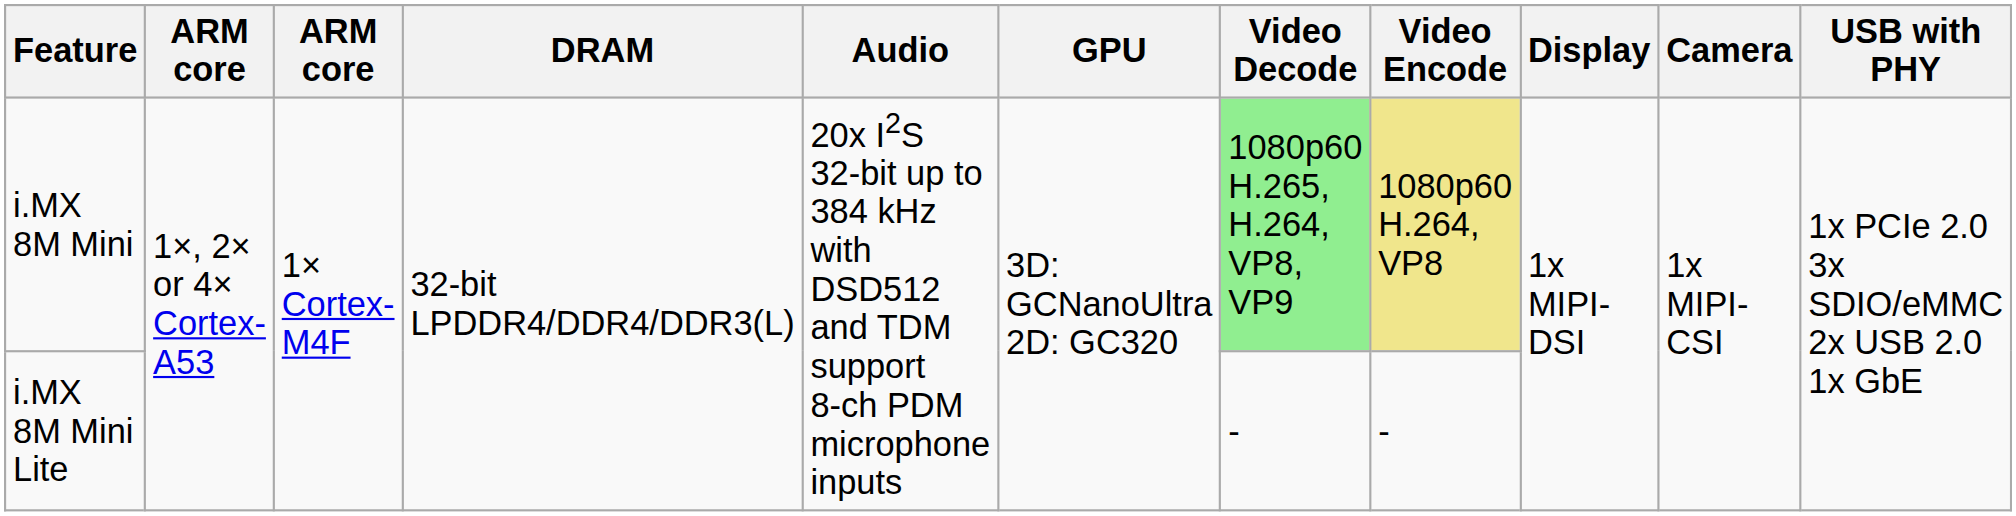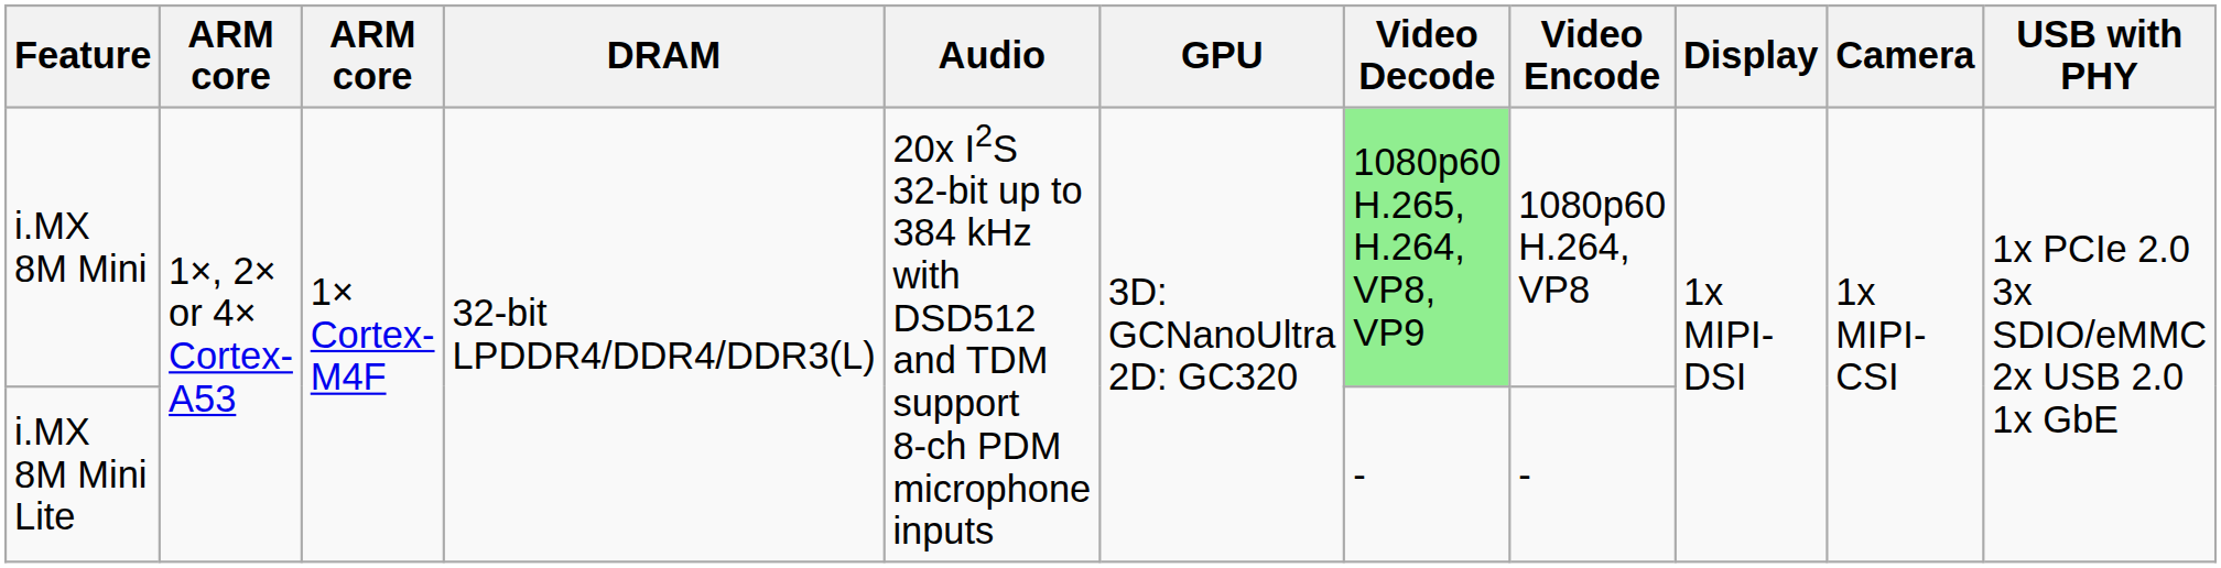 <table class="wikitable">
 <tr>
 <th>Feature</th>
 <th>ARM core</th>
 <th>ARM core</th>
 <th>DRAM</th>
 <th>Audio</th>
 <th>GPU</th>
 <th>Video Decode</th>
 <th>Video Encode</th>
 <th>Display</th>
 <th>Camera</th>
 <th>USB with PHY</th>
 </tr>
 <tr>
 <td>i.MX 8M Mini</td>
 <td rowspan="2">1×, 2× or 4× <a href='#'>Cortex-A53</a></td>
 <td rowspan="2">1× <a href='#'>Cortex-M4F</a></td>
 <td rowspan="2">32-bit LPDDR4/DDR4/DDR3(L)</td>
 <td rowspan="2">20x I<sup>2</sup>S<br>32-bit up to 384 kHz with DSD512 and TDM support<br>8-ch PDM microphone inputs</td>
 <td rowspan="2">3D: GCNanoUltra 2D: GC320</td>
 <td style="background: lightgreen;">1080p60 H.265, H.264, VP8, VP9</td>
-<td style="background: khaki;">1080p60 H.264, VP8</td>
+<td>1080p60 H.264, VP8</td>
 <td rowspan="2">1x MIPI-DSI</td>
 <td rowspan="2">1x MIPI-CSI</td>
 <td rowspan="2">1x PCIe 2.0<br>3x SDIO/eMMC<br>2x USB 2.0<br>1x GbE</td>
 </tr>
 <tr>
 <td>i.MX 8M Mini Lite</td>
 <td>-</td>
 <td>-</td>
 </tr>
 </table>
